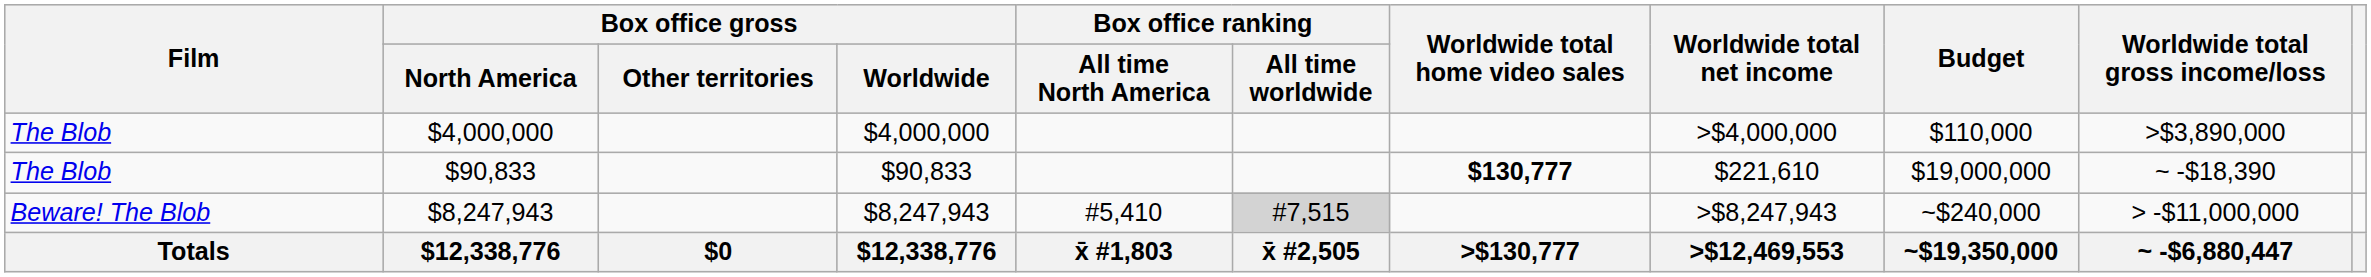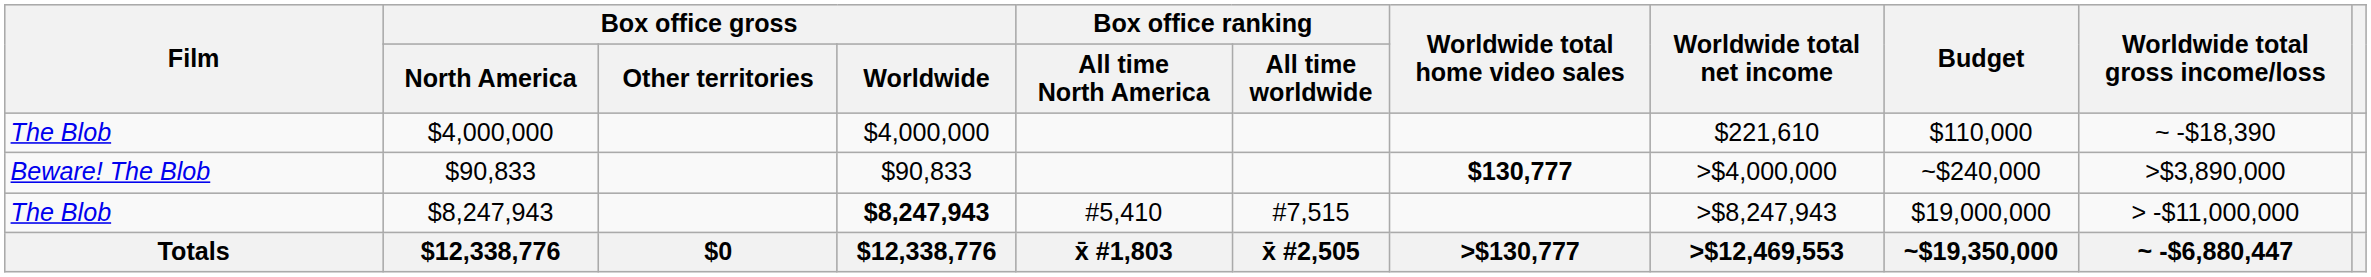 <table class="wikitable sortable" width=95% border="1" style="text-align: center;">
 <tr>
 <th rowspan="2" style="width:16%;">Film</th>
 <th colspan="3">Box office gross</th>
 <th colspan="2">Box office ranking</th>
 <th rowspan="2">Worldwide total <br>home video sales</th>
 <th rowspan="2">Worldwide total <br>net income</th>
 <th rowspan="2">Budget</th>
 <th rowspan="2">Worldwide total<br>gross income/loss</th>
 <th rowspan="2"></th>
 </tr>
 <tr>
 <th>North America</th>
 <th>Other territories</th>
 <th>Worldwide</th>
 <th>All time <br>North America</th>
 <th>All time <br>worldwide</th>
 </tr>
 <tr>
 <td style="text-align: left;"><em><a href='#'>The Blob</a></em> </td>
 <td>$4,000,000</td>
 <td></td>
 <td>$4,000,000</td>
 <td></td>
 <td></td>
 <td></td>
-<td>>$4,000,000</td>
+<td>$221,610</td>
 <td>$110,000</td>
-<td>>$3,890,000</td>
+<td>~ -$18,390</td>
 <td></td>
 </tr>
 <tr>
-<td style="text-align: left;"><em><a href='#'>The Blob</a></em> </td>
+<td style="text-align: left;"><em><a href='#'>Beware! The Blob</a></em></td>
 <td>$90,833</td>
 <td></td>
 <td>$90,833</td>
 <td></td>
 <td></td>
 <td><strong>$130,777</strong></td>
-<td>$221,610</td>
-<td>$19,000,000</td>
-<td>~ -$18,390</td>
+<td>>$4,000,000</td>
+<td>~$240,000</td>
+<td>>$3,890,000</td>
 <td></td>
 </tr>
 <tr>
-<td style="text-align: left;"><em><a href='#'>Beware! The Blob</a></em></td>
+<td style="text-align: left;"><em><a href='#'>The Blob</a></em> </td>
 <td>$8,247,943</td>
 <td></td>
-<td>$8,247,943</td>
+<td><strong>$8,247,943</strong></td>
 <td>#5,410</td>
-<td style="background: lightgrey;">#7,515</td>
+<td>#7,515</td>
 <td></td>
 <td>>$8,247,943</td>
-<td>~$240,000</td>
+<td>$19,000,000</td>
 <td>> -$11,000,000</td>
 <td></td>
 </tr>
 <tr>
 <th>Totals</th>
 <th>$12,338,776</th>
 <th>$0</th>
 <th>$12,338,776</th>
 <th>x̄ #1,803</th>
 <th>x̄ #2,505</th>
 <th>>$130,777</th>
 <th>>$12,469,553</th>
 <th>~$19,350,000</th>
 <th>~ -$6,880,447</th>
 <th></th>
 </tr>
 </table>
